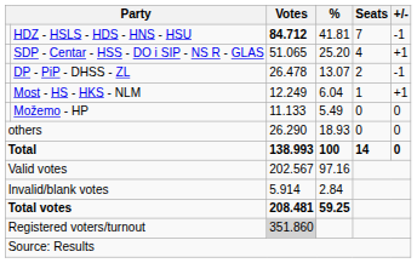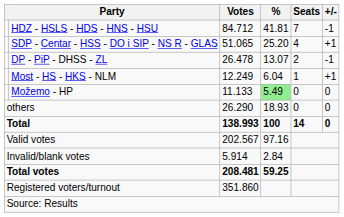 <table class="wikitable" style="text-align: left;">
 <tr>
 <th colspan="2">Party</th>
 <th>Votes</th>
 <th>%</th>
 <th>Seats</th>
 <th>+/-</th>
 </tr>
 <tr>
 <td style="background-color: "></td>
 <td><a href='#'>HDZ</a> - <a href='#'>HSLS</a> - <a href='#'>HDS</a> - <a href='#'>HNS</a> - <a href='#'>HSU</a></td>
-<td><strong>84.712</strong></td>
+<td>84.712</td>
 <td>41.81</td>
 <td>7</td>
 <td>-1</td>
 </tr>
 <tr>
 <td style="background-color: "></td>
 <td><a href='#'>SDP</a> - <a href='#'>Centar</a> - <a href='#'>HSS</a> - <a href='#'>DO i SIP</a> - <a href='#'>NS R</a> - <a href='#'>GLAS</a></td>
 <td>51.065</td>
 <td>25.20</td>
 <td>4</td>
 <td>+1</td>
 </tr>
 <tr>
 <td style="background-color: "></td>
 <td><a href='#'>DP</a> - <a href='#'>PiP</a> - DHSS - <a href='#'>ZL</a></td>
 <td>26.478</td>
 <td>13.07</td>
 <td>2</td>
 <td>-1</td>
 </tr>
 <tr>
 <td style="background-color: "></td>
 <td><a href='#'>Most</a> - <a href='#'>HS</a> - <a href='#'>HKS</a> - NLM</td>
 <td>12.249</td>
 <td>6.04</td>
 <td>1</td>
 <td>+1</td>
 </tr>
 <tr>
 <td style="background-color: "></td>
 <td><a href='#'>Možemo</a> - HP</td>
 <td>11.133</td>
-<td>5.49</td>
+<td style="background: lightgreen;">5.49</td>
 <td>0</td>
 <td>0</td>
 </tr>
 <tr>
 <td colspan="2">others</td>
 <td>26.290</td>
 <td>18.93</td>
 <td>0</td>
 <td>0</td>
 </tr>
 <tr>
 <td colspan="2"><strong>Total</strong></td>
 <td><strong>138.993</strong></td>
 <td><strong>100</strong></td>
 <td><strong>14</strong></td>
 <td><strong>0</strong></td>
 </tr>
 <tr>
 <td colspan="2">Valid votes</td>
 <td>202.567</td>
 <td>97.16</td>
 <td colspan="2"></td>
 </tr>
 <tr>
 <td colspan="2">Invalid/blank votes</td>
 <td>5.914</td>
 <td>2.84</td>
 <td colspan="2"></td>
 </tr>
 <tr>
 <td colspan="2"><strong>Total votes</strong></td>
 <td><strong>208.481</strong></td>
 <td><strong>59.25</strong></td>
 <td colspan="2"></td>
 </tr>
 <tr>
 <td colspan="2">Registered voters/turnout</td>
-<td votes14="5343" style="background: lightgrey;">351.860</td>
+<td votes14="5343">351.860</td>
 <td></td>
 <td colspan="2"></td>
 </tr>
 <tr>
 <td colspan="6">Source: Results</td>
 </tr>
 </table>
